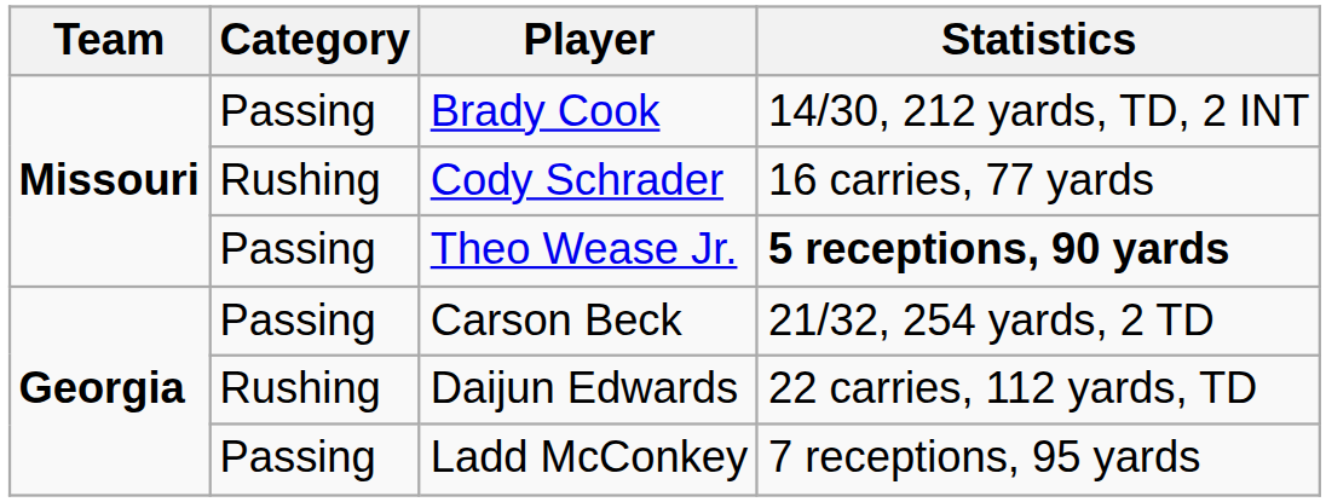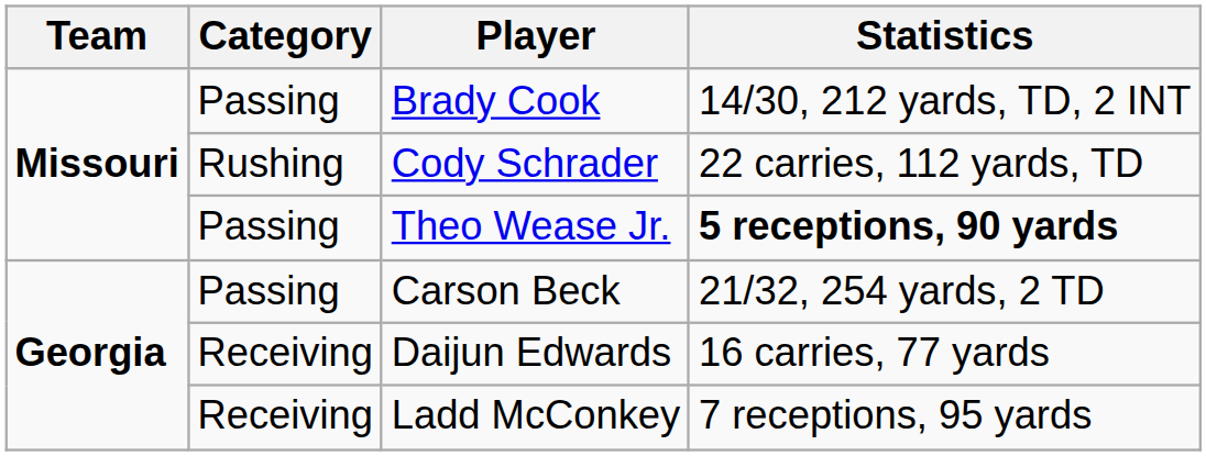 <table class="wikitable" style="float: right;">
 <tr>
 <th>Team</th>
 <th>Category</th>
 <th>Player</th>
 <th>Statistics</th>
 </tr>
 <tr>
 <td rowspan=3><strong>Missouri</strong></td>
 <td>Passing</td>
 <td><a href='#'>Brady Cook</a></td>
 <td>14/30, 212 yards, TD, 2 INT</td>
 </tr>
 <tr>
 <td>Rushing</td>
 <td><a href='#'>Cody Schrader</a></td>
-<td>16 carries, 77 yards</td>
+<td>22 carries, 112 yards, TD</td>
 </tr>
 <tr>
 <td>Passing</td>
 <td><a href='#'>Theo Wease Jr.</a></td>
 <td><strong>5 receptions, 90 yards</strong></td>
 </tr>
 <tr>
 <td rowspan=3><strong>Georgia</strong></td>
 <td>Passing</td>
 <td>Carson Beck</td>
 <td>21/32, 254 yards, 2 TD</td>
 </tr>
 <tr>
-<td>Rushing</td>
+<td>Receiving</td>
 <td>Daijun Edwards</td>
-<td>22 carries, 112 yards, TD</td>
+<td>16 carries, 77 yards</td>
 </tr>
 <tr>
-<td>Passing</td>
+<td>Receiving</td>
 <td>Ladd McConkey</td>
 <td>7 receptions, 95 yards</td>
 </tr>
 </table>
